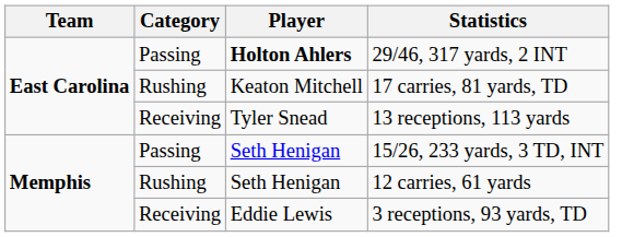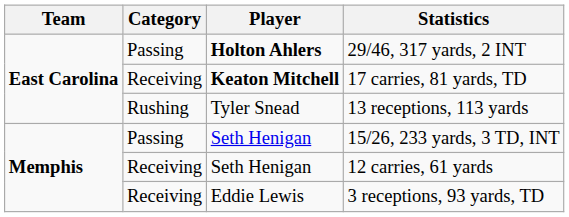 <table class="wikitable" style="float: left;">
 <tr>
 <th>Team</th>
 <th>Category</th>
 <th>Player</th>
 <th>Statistics</th>
 </tr>
 <tr>
 <td rowspan=3><strong>East Carolina</strong></td>
 <td>Passing</td>
 <td><strong>Holton Ahlers</strong></td>
 <td>29/46, 317 yards, 2 INT</td>
 </tr>
 <tr>
-<td>Rushing</td>
-<td>Keaton Mitchell</td>
+<td>Receiving</td>
+<td><strong>Keaton Mitchell</strong></td>
 <td>17 carries, 81 yards, TD</td>
 </tr>
 <tr>
-<td>Receiving</td>
+<td>Rushing</td>
 <td>Tyler Snead</td>
 <td>13 receptions, 113 yards</td>
 </tr>
 <tr>
 <td rowspan=3><strong>Memphis</strong></td>
 <td>Passing</td>
 <td><a href='#'>Seth Henigan</a></td>
 <td>15/26, 233 yards, 3 TD, INT</td>
 </tr>
 <tr>
-<td>Rushing</td>
+<td>Receiving</td>
 <td>Seth Henigan</td>
 <td>12 carries, 61 yards</td>
 </tr>
 <tr>
 <td>Receiving</td>
 <td>Eddie Lewis</td>
 <td>3 receptions, 93 yards, TD</td>
 </tr>
 </table>
